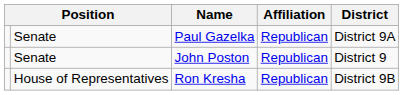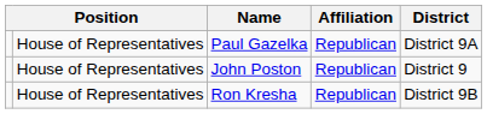 <table class="wikitable">
 <tr>
 <th colspan="2">Position</th>
 <th>Name</th>
 <th>Affiliation</th>
 <th>District</th>
 </tr>
 <tr>
 <td style="background-color:"></td>
-<td>Senate</td>
+<td>House of Representatives</td>
 <td><a href='#'>Paul Gazelka</a></td>
 <td><a href='#'>Republican</a></td>
 <td>District 9A</td>
 </tr>
 <tr>
 <td style="background-color:"></td>
-<td>Senate</td>
+<td>House of Representatives</td>
 <td><a href='#'>John Poston</a></td>
 <td><a href='#'>Republican</a></td>
 <td>District 9</td>
 </tr>
 <tr>
 <td style="background-color:"></td>
 <td>House of Representatives</td>
 <td><a href='#'>Ron Kresha</a></td>
 <td><a href='#'>Republican</a></td>
 <td>District 9B</td>
 </tr>
 </table>
